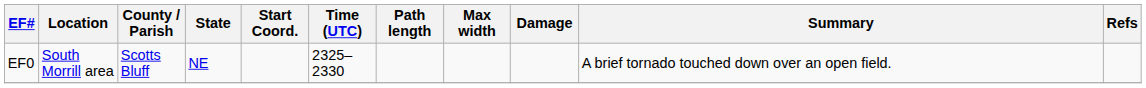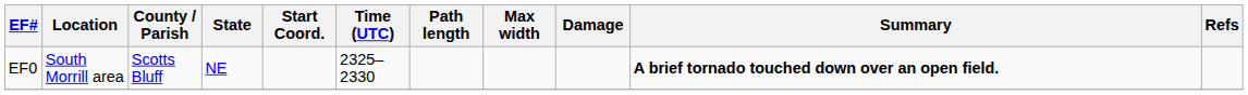 <table class="wikitable sortable" style="width:100%;">
 <tr>
 <th scope="col" width="3%" align="center"><a href='#'>EF#</a></th>
 <th scope="col" width="7%" align="center" class="unsortable">Location</th>
 <th scope="col" width="6%" align="center" class="unsortable">County / Parish</th>
 <th scope="col" width="5%" align="center">State</th>
 <th scope="col" width="6%" align="center">Start Coord.</th>
 <th scope="col" width="6%" align="center">Time (<a href='#'>UTC</a>)</th>
 <th scope="col" width="6%" align="center">Path length</th>
 <th scope="col" width="6%" align="center">Max width</th>
 <th scope="col" width="6%" align="center">Damage</th>
 <th scope="col" width="48%" class="unsortable" align="center">Summary</th>
 <th scope="col" width="48%" class="unsortable" align="center">Refs</th>
 </tr>
 <tr>
 <td>EF0</td>
 <td><a href='#'>South Morrill</a> area</td>
 <td><a href='#'>Scotts Bluff</a></td>
 <td><a href='#'>NE</a></td>
 <td></td>
 <td>2325–2330</td>
 <td></td>
 <td></td>
 <td></td>
-<td>A brief tornado touched down over an open field.</td>
+<td><strong>A brief tornado touched down over an open field.</strong></td>
 <td></td>
 </tr>
 <tr>
 </tr>
 </table>
